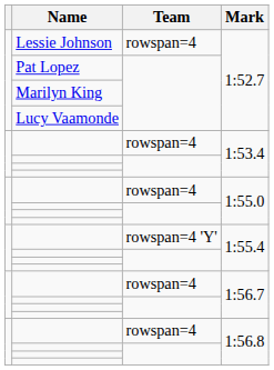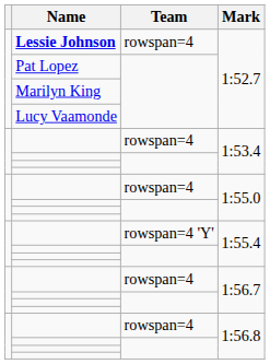 <table class=wikitable>
 <tr>
 <th></th>
 <th>Name</th>
 <th>Team</th>
 <th>Mark</th>
 </tr>
 <tr>
 <td rowspan=4></td>
-<td><a href='#'>Lessie Johnson</a></td>
+<td><strong><a href='#'>Lessie Johnson</a></strong></td>
 <td>rowspan=4 </td>
 <td rowspan=4>1:52.7</td>
 </tr>
 <tr>
 <td><a href='#'>Pat Lopez</a></td>
 </tr>
 <tr>
 <td><a href='#'>Marilyn King</a></td>
 </tr>
 <tr>
 <td><a href='#'>Lucy Vaamonde</a></td>
 </tr>
 <tr>
 <td rowspan=4></td>
 <td></td>
 <td>rowspan=4 </td>
 <td rowspan=4>1:53.4</td>
 </tr>
 <tr>
 <td></td>
 </tr>
 <tr>
 <td></td>
 </tr>
 <tr>
 <td></td>
 </tr>
 <tr>
 <td rowspan=4></td>
 <td></td>
 <td>rowspan=4 </td>
 <td rowspan=4>1:55.0</td>
 </tr>
 <tr>
 <td></td>
 </tr>
 <tr>
 <td></td>
 </tr>
 <tr>
 <td></td>
 </tr>
 <tr>
 <td rowspan=4></td>
 <td></td>
 <td>rowspan=4  'Y'</td>
 <td rowspan=4>1:55.4</td>
 </tr>
 <tr>
 <td></td>
 </tr>
 <tr>
 <td></td>
 </tr>
 <tr>
 <td></td>
 </tr>
 <tr>
 <td rowspan=4></td>
 <td></td>
 <td>rowspan=4 </td>
 <td rowspan=4>1:56.7</td>
 </tr>
 <tr>
 <td></td>
 </tr>
 <tr>
 <td></td>
 </tr>
 <tr>
 <td></td>
 </tr>
 <tr>
 <td rowspan=4></td>
 <td></td>
 <td>rowspan=4 </td>
 <td rowspan=4>1:56.8</td>
 </tr>
 <tr>
 <td></td>
 </tr>
 <tr>
 <td></td>
 </tr>
 <tr>
 <td></td>
 </tr>
 </table>
